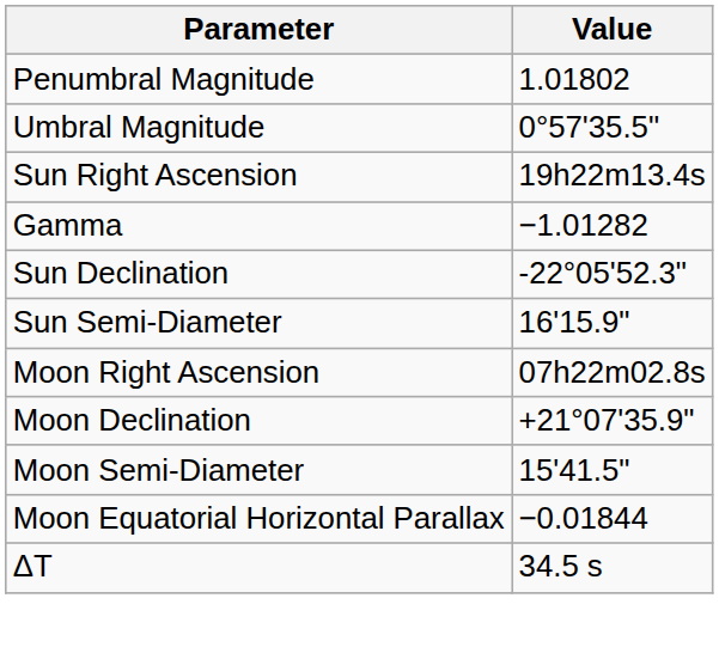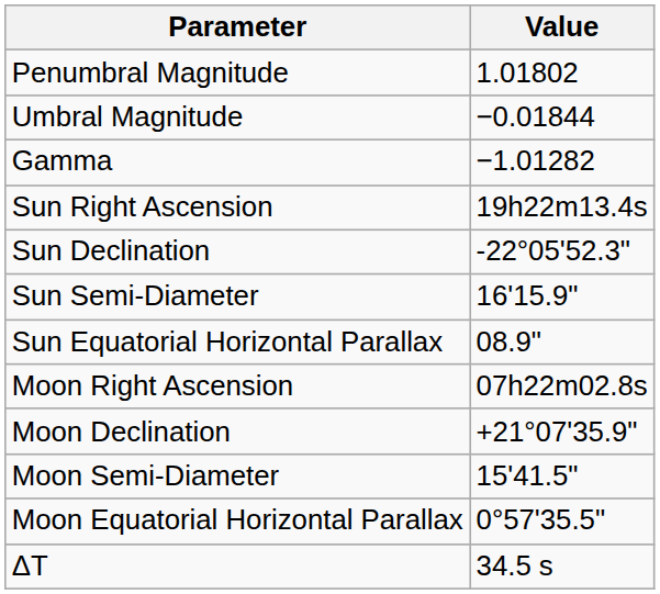 <table class="wikitable">
 <tr>
 <th>Parameter</th>
 <th>Value</th>
 </tr>
 <tr>
 <td>Penumbral Magnitude</td>
 <td>1.01802</td>
 </tr>
 <tr>
 <td>Umbral Magnitude</td>
-<td>0°57'35.5"</td>
+<td>−0.01844</td>
+</tr>
+<tr>
+<td>Gamma</td>
+<td>−1.01282</td>
 </tr>
 <tr>
 <td>Sun Right Ascension</td>
 <td>19h22m13.4s</td>
-</tr>
-<tr>
-<td>Gamma</td>
-<td>−1.01282</td>
 </tr>
 <tr>
 <td>Sun Declination</td>
 <td>-22°05'52.3"</td>
 </tr>
 <tr>
 <td>Sun Semi-Diameter</td>
 <td>16'15.9"</td>
+</tr>
+<tr>
+<td>Sun Equatorial Horizontal Parallax</td>
+<td>08.9"</td>
 </tr>
 <tr>
 <td>Moon Right Ascension</td>
 <td>07h22m02.8s</td>
 </tr>
 <tr>
 <td>Moon Declination</td>
 <td>+21°07'35.9"</td>
 </tr>
 <tr>
 <td>Moon Semi-Diameter</td>
 <td>15'41.5"</td>
 </tr>
 <tr>
 <td>Moon Equatorial Horizontal Parallax</td>
-<td>−0.01844</td>
+<td>0°57'35.5"</td>
 </tr>
 <tr>
 <td>ΔT</td>
 <td>34.5 s</td>
 </tr>
 </table>
